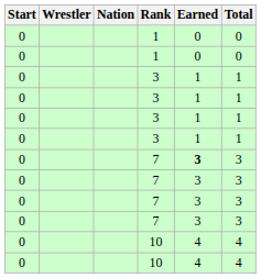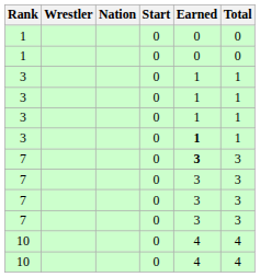 <table class="wikitable sortable" style="text-align:center;">
 <tr>
-<th>Start</th>
+<th>Rank</th>
 <th>Wrestler</th>
 <th>Nation</th>
-<th>Rank</th>
+<th>Start</th>
 <th>Earned</th>
 <th>Total</th>
 </tr>
 <tr style="background:#cfc;">
-<td>0</td>
+<td>1</td>
 <td align=left></td>
 <td align=left></td>
-<td>1</td>
+<td>0</td>
 <td>0</td>
 <td>0</td>
 </tr>
 <tr style="background:#cfc;">
-<td>0</td>
+<td>1</td>
 <td align=left></td>
 <td align=left></td>
-<td>1</td>
+<td>0</td>
 <td>0</td>
 <td>0</td>
 </tr>
 <tr style="background:#cfc;">
-<td>0</td>
+<td>3</td>
 <td align=left></td>
 <td align=left></td>
-<td>3</td>
+<td>0</td>
 <td>1</td>
 <td>1</td>
 </tr>
 <tr style="background:#cfc;">
-<td>0</td>
+<td>3</td>
 <td align=left></td>
 <td align=left></td>
-<td>3</td>
+<td>0</td>
 <td>1</td>
 <td>1</td>
 </tr>
 <tr style="background:#cfc;">
-<td>0</td>
+<td>3</td>
 <td align=left></td>
 <td align=left></td>
-<td>3</td>
+<td>0</td>
 <td>1</td>
 <td>1</td>
 </tr>
 <tr style="background:#cfc;">
-<td>0</td>
+<td>3</td>
 <td align=left></td>
 <td align=left></td>
-<td>3</td>
-<td>1</td>
+<td>0</td>
+<td><strong>1</strong></td>
 <td>1</td>
 </tr>
 <tr style="background:#cfc;">
-<td>0</td>
+<td>7</td>
 <td align=left></td>
 <td align=left></td>
-<td>7</td>
+<td>0</td>
 <td><strong>3</strong></td>
 <td>3</td>
 </tr>
 <tr style="background:#cfc;">
-<td>0</td>
+<td>7</td>
 <td align=left></td>
 <td align=left></td>
-<td>7</td>
+<td>0</td>
 <td>3</td>
 <td>3</td>
 </tr>
 <tr style="background:#cfc;">
-<td>0</td>
+<td>7</td>
 <td align=left></td>
 <td align=left></td>
-<td>7</td>
+<td>0</td>
 <td>3</td>
 <td>3</td>
 </tr>
 <tr style="background:#cfc;">
-<td>0</td>
+<td>7</td>
 <td align=left></td>
 <td align=left></td>
-<td>7</td>
+<td>0</td>
 <td>3</td>
 <td>3</td>
 </tr>
 <tr style="background:#cfc;">
-<td>0</td>
+<td>10</td>
 <td align=left></td>
 <td align=left></td>
-<td>10</td>
+<td>0</td>
 <td>4</td>
 <td>4</td>
 </tr>
 <tr style="background:#cfc;">
-<td>0</td>
+<td>10</td>
 <td align=left></td>
 <td align=left></td>
-<td>10</td>
+<td>0</td>
 <td>4</td>
 <td>4</td>
 </tr>
 </table>
